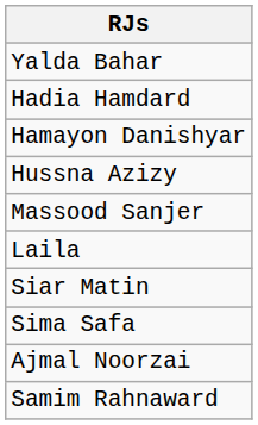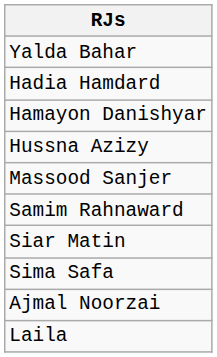 <table class="wikitable">
 <tr>
 <th>RJs</th>
 </tr>
 <tr>
 <td>Yalda Bahar</td>
 </tr>
 <tr>
 <td>Hadia Hamdard</td>
 </tr>
 <tr>
 <td>Hamayon Danishyar</td>
 </tr>
 <tr>
 <td>Hussna Azizy</td>
 </tr>
 <tr>
 <td>Massood Sanjer</td>
 </tr>
 <tr>
-<td>Laila</td>
+<td>Samim Rahnaward</td>
 </tr>
 <tr>
 <td>Siar Matin</td>
 </tr>
 <tr>
 <td>Sima Safa</td>
 </tr>
 <tr>
 <td>Ajmal Noorzai</td>
 </tr>
 <tr>
-<td>Samim Rahnaward</td>
+<td>Laila</td>
 </tr>
 </table>
